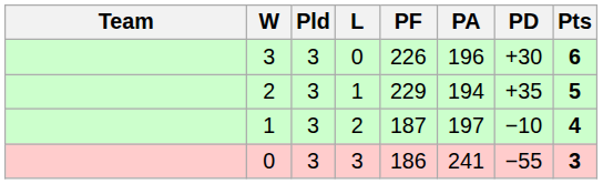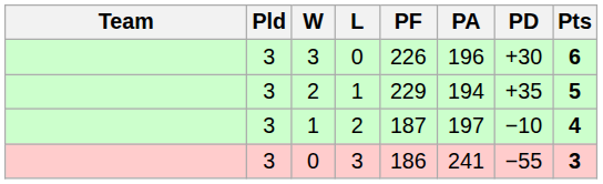 <table class="wikitable" style="text-align:center;">
 <tr>
 <th width=170>Team</th>
+<th width=25>Pld</th>
 <th width=25>W</th>
-<th width=25>Pld</th>
 <th width=25>L</th>
 <th width=35>PF</th>
 <th width=35>PA</th>
 <th width=35>PD</th>
 <th width=25>Pts</th>
 </tr>
 <tr style="background: #ccffcc;">
 <td align="left"></td>
 <td>3</td>
 <td>3</td>
 <td>0</td>
 <td>226</td>
 <td>196</td>
 <td>+30</td>
 <td><strong>6</strong></td>
 </tr>
 <tr style="background: #ccffcc;">
 <td align="left"></td>
+<td>3</td>
 <td>2</td>
-<td>3</td>
 <td>1</td>
 <td>229</td>
 <td>194</td>
 <td>+35</td>
 <td><strong>5</strong></td>
 </tr>
 <tr style="background: #ccffcc;">
 <td align="left"></td>
+<td>3</td>
 <td>1</td>
-<td>3</td>
 <td>2</td>
 <td>187</td>
 <td>197</td>
 <td>−10</td>
 <td><strong>4</strong></td>
 </tr>
 <tr style="background: #ffcccc;">
 <td align="left"></td>
+<td>3</td>
 <td>0</td>
-<td>3</td>
 <td>3</td>
 <td>186</td>
 <td>241</td>
 <td>−55</td>
 <td><strong>3</strong></td>
 </tr>
 </table>
